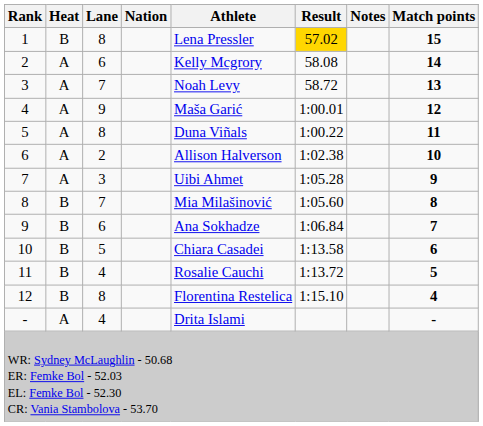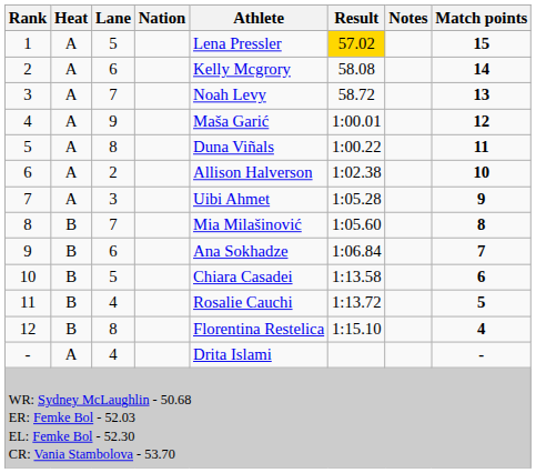 <table class="wikitable sortable" style="text-align:left;">
 <tr>
 <th>Rank</th>
 <th>Heat</th>
 <th>Lane</th>
 <th>Nation</th>
 <th>Athlete</th>
 <th>Result</th>
 <th>Notes</th>
 <th>Match points</th>
 </tr>
 <tr>
 <td align=center>1</td>
-<td align=center>B</td>
-<td align=center>8</td>
+<td align=center>A</td>
+<td align=center>5</td>
 <td></td>
 <td><a href='#'>Lena Pressler</a></td>
 <td align=center style="background: gold;">57.02</td>
 <td></td>
 <td align=center><strong>15</strong></td>
 </tr>
 <tr>
 <td align=center>2</td>
 <td align=center>A</td>
 <td align=center>6</td>
 <td></td>
 <td><a href='#'>Kelly Mcgrory</a></td>
 <td align=center>58.08</td>
 <td></td>
 <td align=center><strong>14</strong></td>
 </tr>
 <tr>
 <td align=center>3</td>
 <td align=center>A</td>
 <td align=center>7</td>
 <td></td>
 <td><a href='#'>Noah Levy</a></td>
 <td align=center>58.72</td>
 <td align=center></td>
 <td align=center><strong>13</strong></td>
 </tr>
 <tr>
 <td align=center>4</td>
 <td align=center>A</td>
 <td align=center>9</td>
 <td></td>
 <td><a href='#'>Maša Garić</a></td>
 <td align=center>1:00.01</td>
 <td align=center></td>
 <td align=center><strong>12</strong></td>
 </tr>
 <tr>
 <td align=center>5</td>
 <td align=center>A</td>
 <td align=center>8</td>
 <td></td>
 <td><a href='#'>Duna Viñals</a></td>
 <td align=center>1:00.22</td>
 <td align=center></td>
 <td align=center><strong>11</strong></td>
 </tr>
 <tr>
 <td align=center>6</td>
 <td align=center>A</td>
 <td align=center>2</td>
 <td></td>
 <td><a href='#'>Allison Halverson</a></td>
 <td align=center>1:02.38</td>
 <td></td>
 <td align=center><strong>10</strong></td>
 </tr>
 <tr>
 <td align=center>7</td>
 <td align=center>A</td>
 <td align=center>3</td>
 <td></td>
 <td><a href='#'>Uibi Ahmet</a></td>
 <td align=center>1:05.28</td>
 <td align=center></td>
 <td align=center><strong>9</strong></td>
 </tr>
 <tr>
 <td align=center>8</td>
 <td align=center>B</td>
 <td align=center>7</td>
 <td></td>
 <td><a href='#'>Mia Milašinović</a></td>
 <td align=center>1:05.60</td>
 <td align=center></td>
 <td align=center><strong>8</strong></td>
 </tr>
 <tr>
 <td align=center>9</td>
 <td align=center>B</td>
 <td align=center>6</td>
 <td></td>
 <td><a href='#'>Ana Sokhadze</a></td>
 <td align=center>1:06.84</td>
 <td align=center></td>
 <td align=center><strong>7</strong></td>
 </tr>
 <tr>
 <td align=center>10</td>
 <td align=center>B</td>
 <td align=center>5</td>
 <td></td>
 <td><a href='#'>Chiara Casadei</a></td>
 <td align=center>1:13.58</td>
 <td></td>
 <td align=center><strong>6</strong></td>
 </tr>
 <tr>
 <td align=center>11</td>
 <td align=center>B</td>
 <td align=center>4</td>
 <td></td>
 <td><a href='#'>Rosalie Cauchi</a></td>
 <td align=center>1:13.72</td>
 <td align=center></td>
 <td align=center><strong>5</strong></td>
 </tr>
 <tr>
 <td align=center>12</td>
 <td align=center>B</td>
 <td align=center>8</td>
 <td></td>
 <td><a href='#'>Florentina Restelica</a></td>
 <td align=center>1:15.10</td>
 <td align=center></td>
 <td align=center><strong>4</strong></td>
 </tr>
 <tr>
 <td align=center>-</td>
 <td align=center>A</td>
 <td align=center>4</td>
 <td></td>
 <td><a href='#'>Drita Islami</a></td>
 <td align=center></td>
 <td></td>
 <td align=center><strong>-</strong></td>
 </tr>
 <tr>
 <td colspan="8" bgcolor="#cccccc"><br> <small>WR:   <a href='#'>Sydney McLaughlin</a> - 50.68<br>ER:  <a href='#'>Femke Bol</a> - 52.03<br></small> <small>EL:   <a href='#'>Femke Bol</a> - 52.30<br>CR:  <a href='#'>Vania Stambolova</a> - 53.70</small></td>
 </tr>
 </table>
